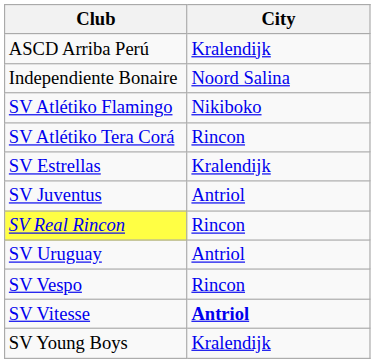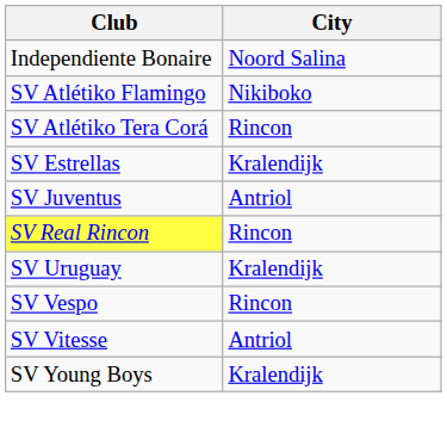 <table class="wikitable">
 <tr>
 <th width="150px">Club</th>
 <th width="150px">City</th>
-</tr>
-<tr>
-<td>ASCD Arriba Perú</td>
-<td><a href='#'>Kralendijk</a></td>
 </tr>
 <tr>
 <td>Independiente Bonaire</td>
 <td><a href='#'>Noord Salina</a></td>
 </tr>
 <tr>
 <td><a href='#'>SV Atlétiko Flamingo</a></td>
 <td><a href='#'>Nikiboko</a></td>
 </tr>
 <tr>
 <td><a href='#'>SV Atlétiko Tera Corá</a></td>
 <td><a href='#'>Rincon</a></td>
 </tr>
 <tr>
 <td><a href='#'>SV Estrellas</a></td>
 <td><a href='#'>Kralendijk</a></td>
 </tr>
 <tr>
 <td><a href='#'>SV Juventus</a></td>
 <td><a href='#'>Antriol</a></td>
 </tr>
 <tr>
 <td style="background:#FFFF44"><em><a href='#'>SV Real Rincon</a></em></td>
 <td><a href='#'>Rincon</a></td>
 </tr>
 <tr>
 <td><a href='#'>SV Uruguay</a></td>
-<td><a href='#'>Antriol</a></td>
+<td><a href='#'>Kralendijk</a></td>
 </tr>
 <tr>
 <td><a href='#'>SV Vespo</a></td>
 <td><a href='#'>Rincon</a></td>
 </tr>
 <tr>
 <td><a href='#'>SV Vitesse</a></td>
-<td><strong><a href='#'>Antriol</a></strong></td>
+<td><a href='#'>Antriol</a></td>
 </tr>
 <tr>
 <td>SV Young Boys</td>
 <td><a href='#'>Kralendijk</a></td>
 </tr>
 </table>
